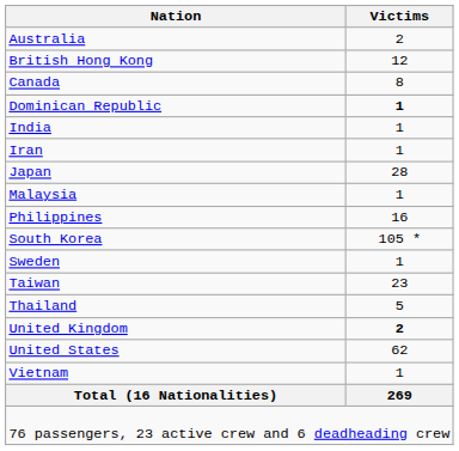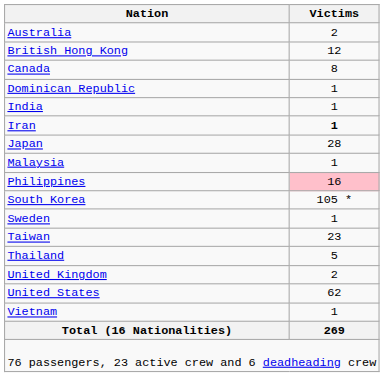 <table class="sortable wikitable floatright" style="font-size:85%;">
 <tr>
 <th>Nation</th>
 <th>Victims</th>
 </tr>
 <tr>
 <td><a href='#'>Australia</a></td>
 <td style="text-align:center;">2</td>
 </tr>
 <tr>
 <td><a href='#'>British Hong Kong</a></td>
 <td style="text-align:center;">12</td>
 </tr>
 <tr>
 <td><a href='#'>Canada</a></td>
 <td style="text-align:center;">8</td>
 </tr>
 <tr>
 <td><a href='#'>Dominican Republic</a></td>
-<td style="text-align:center;"><strong>1</strong></td>
+<td style="text-align:center;">1</td>
 </tr>
 <tr>
 <td><a href='#'>India</a></td>
 <td style="text-align:center;">1</td>
 </tr>
 <tr>
 <td><a href='#'>Iran</a></td>
-<td style="text-align:center;">1</td>
+<td style="text-align:center;"><strong>1</strong></td>
 </tr>
 <tr>
 <td><a href='#'>Japan</a></td>
 <td style="text-align:center;">28</td>
 </tr>
 <tr>
 <td><a href='#'>Malaysia</a></td>
 <td style="text-align:center;">1</td>
 </tr>
 <tr>
 <td><a href='#'>Philippines</a></td>
-<td style="text-align:center;">16</td>
+<td style="background: pink; text-align:center;">16</td>
 </tr>
 <tr>
 <td><a href='#'>South Korea</a></td>
 <td style="text-align:center;">105 *</td>
 </tr>
 <tr>
 <td><a href='#'>Sweden</a></td>
 <td style="text-align:center;">1</td>
 </tr>
 <tr>
 <td><a href='#'>Taiwan</a></td>
 <td style="text-align:center;">23</td>
 </tr>
 <tr>
 <td><a href='#'>Thailand</a></td>
 <td style="text-align:center;">5</td>
 </tr>
 <tr>
 <td><a href='#'>United Kingdom</a></td>
-<td style="text-align:center;"><strong>2</strong></td>
+<td style="text-align:center;">2</td>
 </tr>
 <tr>
 <td><a href='#'>United States</a></td>
 <td style="text-align:center;">62</td>
 </tr>
 <tr>
 <td><a href='#'>Vietnam</a></td>
 <td style="text-align:center;">1</td>
 </tr>
 <tr class="sortbottom">
 <th><strong>Total (16 Nationalities)</strong></th>
 <th style="text-align:center;"><strong>269</strong></th>
 </tr>
 <tr class="sortbottom">
 <td colspan="3"><br> 76 passengers, 23 active crew and 6 <a href='#'>deadheading</a> crew<br></td>
 </tr>
 </table>
